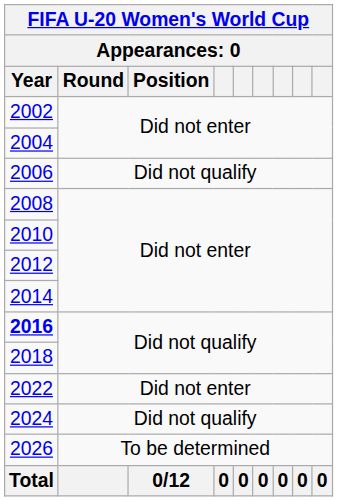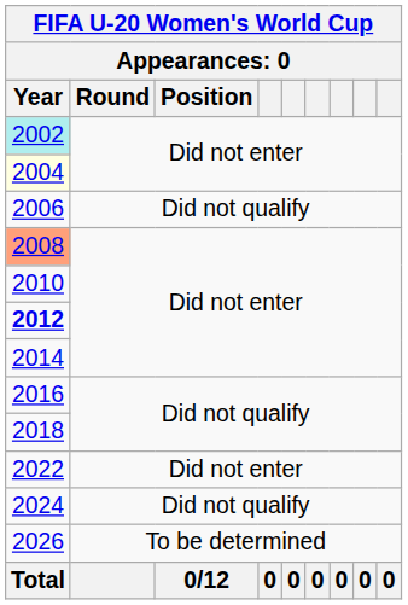 <table class="wikitable" style="text-align: center;">
 <tr>
 <th colspan=9><a href='#'>FIFA U-20 Women's World Cup</a></th>
 </tr>
 <tr>
 <th colspan=9>Appearances: 0</th>
 </tr>
 <tr>
 <th>Year</th>
 <th>Round</th>
 <th>Position</th>
 <th></th>
 <th></th>
 <th></th>
 <th></th>
 <th></th>
 <th></th>
 </tr>
 <tr>
-<td> <a href='#'>2002</a></td>
+<td style="background: paleturquoise;"> <a href='#'>2002</a></td>
 <td colspan=8 rowspan=2>Did not enter</td>
 </tr>
 <tr>
-<td> <a href='#'>2004</a></td>
+<td style="background: lightyellow;"> <a href='#'>2004</a></td>
 </tr>
 <tr>
 <td> <a href='#'>2006</a></td>
 <td colspan=8>Did not qualify</td>
 </tr>
 <tr>
-<td> <a href='#'>2008</a></td>
+<td style="background: lightsalmon;"> <a href='#'>2008</a></td>
 <td colspan=8 rowspan=4>Did not enter</td>
 </tr>
 <tr>
 <td> <a href='#'>2010</a></td>
 </tr>
 <tr>
-<td> <a href='#'>2012</a></td>
+<td><strong> <a href='#'>2012</a></strong></td>
 </tr>
 <tr>
 <td> <a href='#'>2014</a></td>
 </tr>
 <tr>
-<td><strong> <a href='#'>2016</a></strong></td>
+<td> <a href='#'>2016</a></td>
 <td colspan=8 rowspan=2>Did not qualify</td>
 </tr>
 <tr>
 <td> <a href='#'>2018</a></td>
 </tr>
 <tr>
 <td> <a href='#'>2022</a></td>
 <td colspan=8>Did not enter</td>
 </tr>
 <tr>
 <td> <a href='#'>2024</a></td>
 <td colspan=8>Did not qualify</td>
 </tr>
 <tr>
 <td> <a href='#'>2026</a></td>
 <td colspan=8>To be determined</td>
 </tr>
 <tr>
 <th>Total</th>
 <th></th>
 <th>0/12</th>
 <th>0</th>
 <th>0</th>
 <th>0</th>
 <th>0</th>
 <th>0</th>
 <th>0</th>
 </tr>
 </table>
